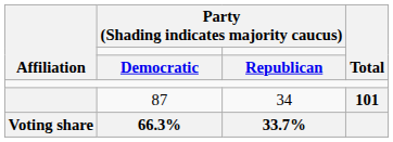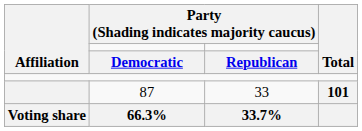 <table class=wikitable style="text-align:center">
 <tr style="vertical-align:bottom;">
 <th rowspan=3>Affiliation</th>
 <th colspan=2>Party <div>(Shading indicates majority caucus)</div></th>
 <th rowspan=3>Total</th>
 </tr>
 <tr style="height:5px">
 <td style="background-color:"></td>
 <td style="background-color:"></td>
 </tr>
 <tr>
 <th><a href='#'>Democratic</a></th>
 <th><a href='#'>Republican</a></th>
 </tr>
 <tr>
 <td colspan=5></td>
 </tr>
 <tr>
 <th nowrap style="font-size:80%"></th>
 <td>87</td>
-<td>34</td>
+<td>33</td>
 <th>101</th>
 </tr>
 <tr>
 <th>Voting share</th>
 <th>66.3%</th>
 <th>33.7%</th>
 <th colspan=2></th>
 </tr>
 </table>
